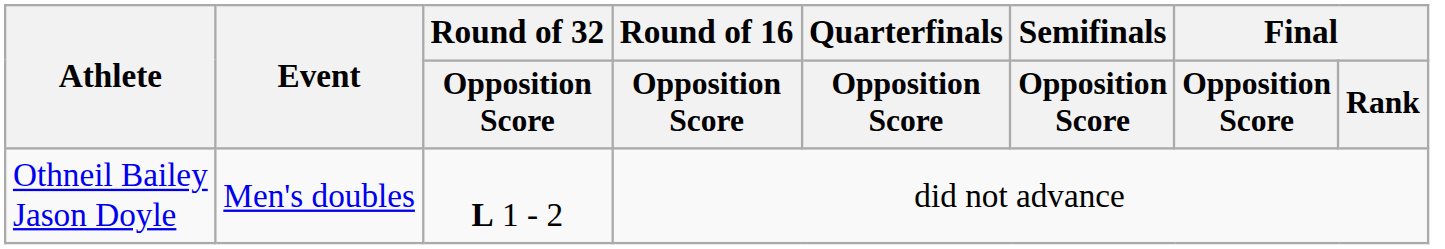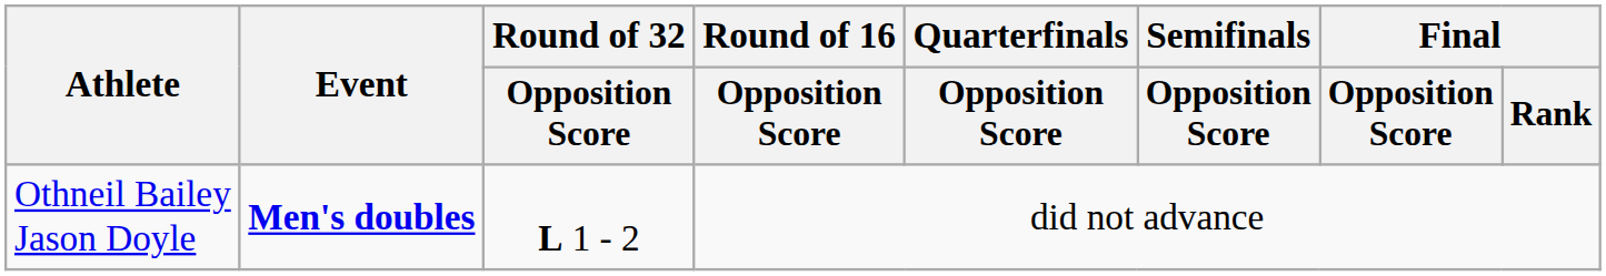 <table class=wikitable style=font-size:90%;text-align:center>
 <tr>
 <th rowspan=2>Athlete</th>
 <th rowspan=2>Event</th>
 <th>Round of 32</th>
 <th>Round of 16</th>
 <th>Quarterfinals</th>
 <th>Semifinals</th>
 <th colspan=2>Final</th>
 </tr>
 <tr style=font-size:95%>
 <th>Opposition<br>Score</th>
 <th>Opposition<br>Score</th>
 <th>Opposition<br>Score</th>
 <th>Opposition<br>Score</th>
 <th>Opposition<br>Score</th>
 <th>Rank</th>
 </tr>
 <tr>
 <td align=left><a href='#'>Othneil Bailey</a> <br> <a href='#'>Jason Doyle</a></td>
-<td align=left><a href='#'>Men's doubles</a></td>
+<td align=left><strong><a href='#'>Men's doubles</a></strong></td>
 <td><br><strong>L</strong> 1 - 2</td>
 <td colspan=5>did not advance</td>
 </tr>
 </table>
